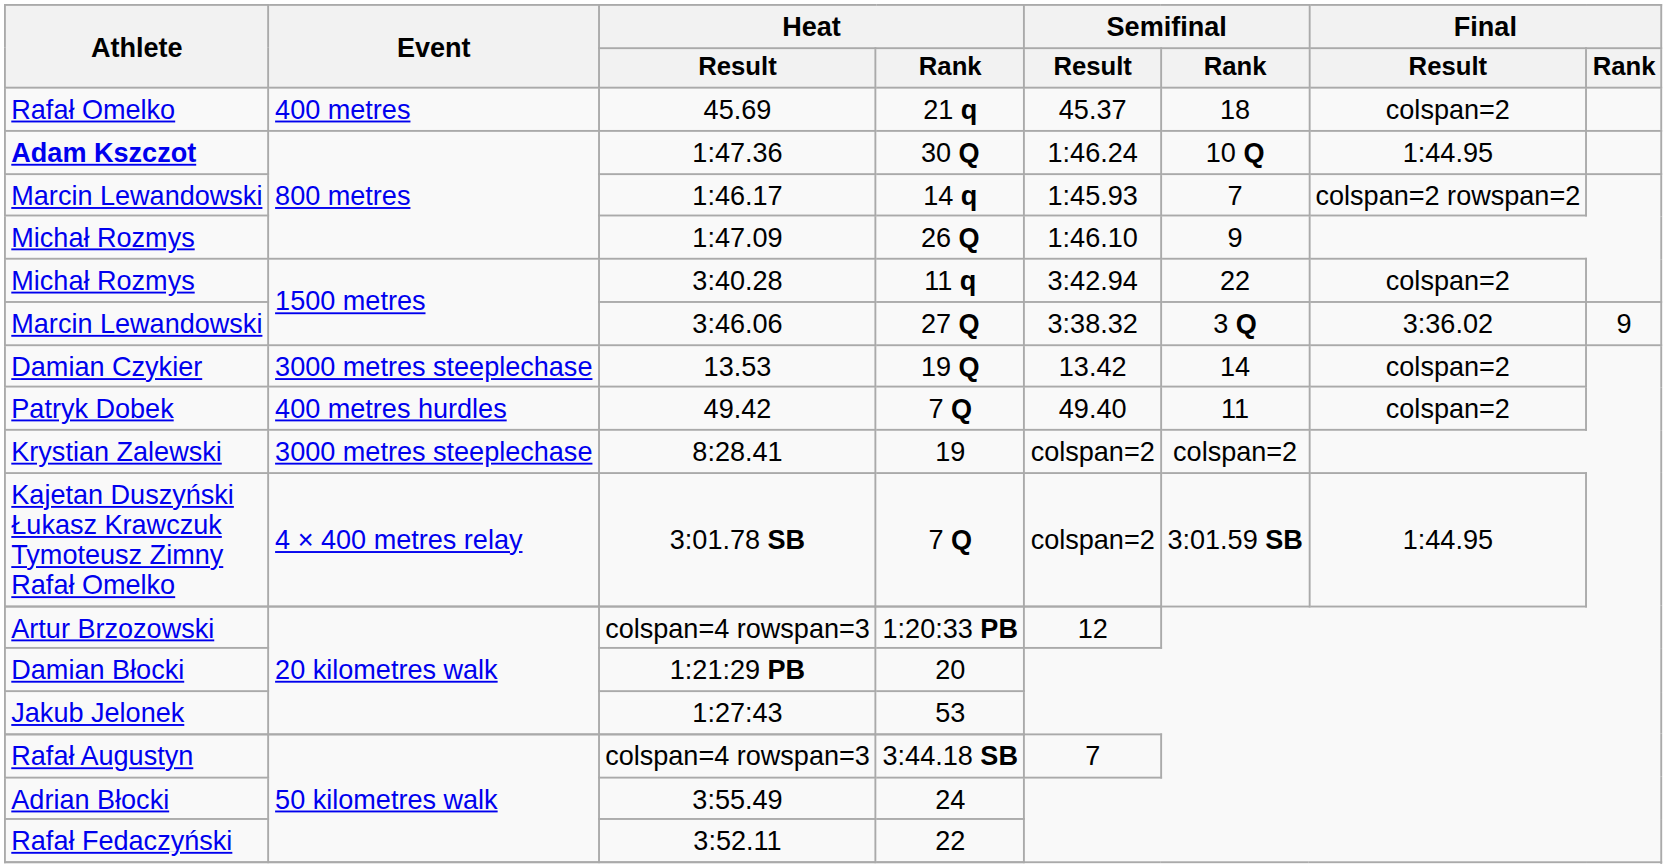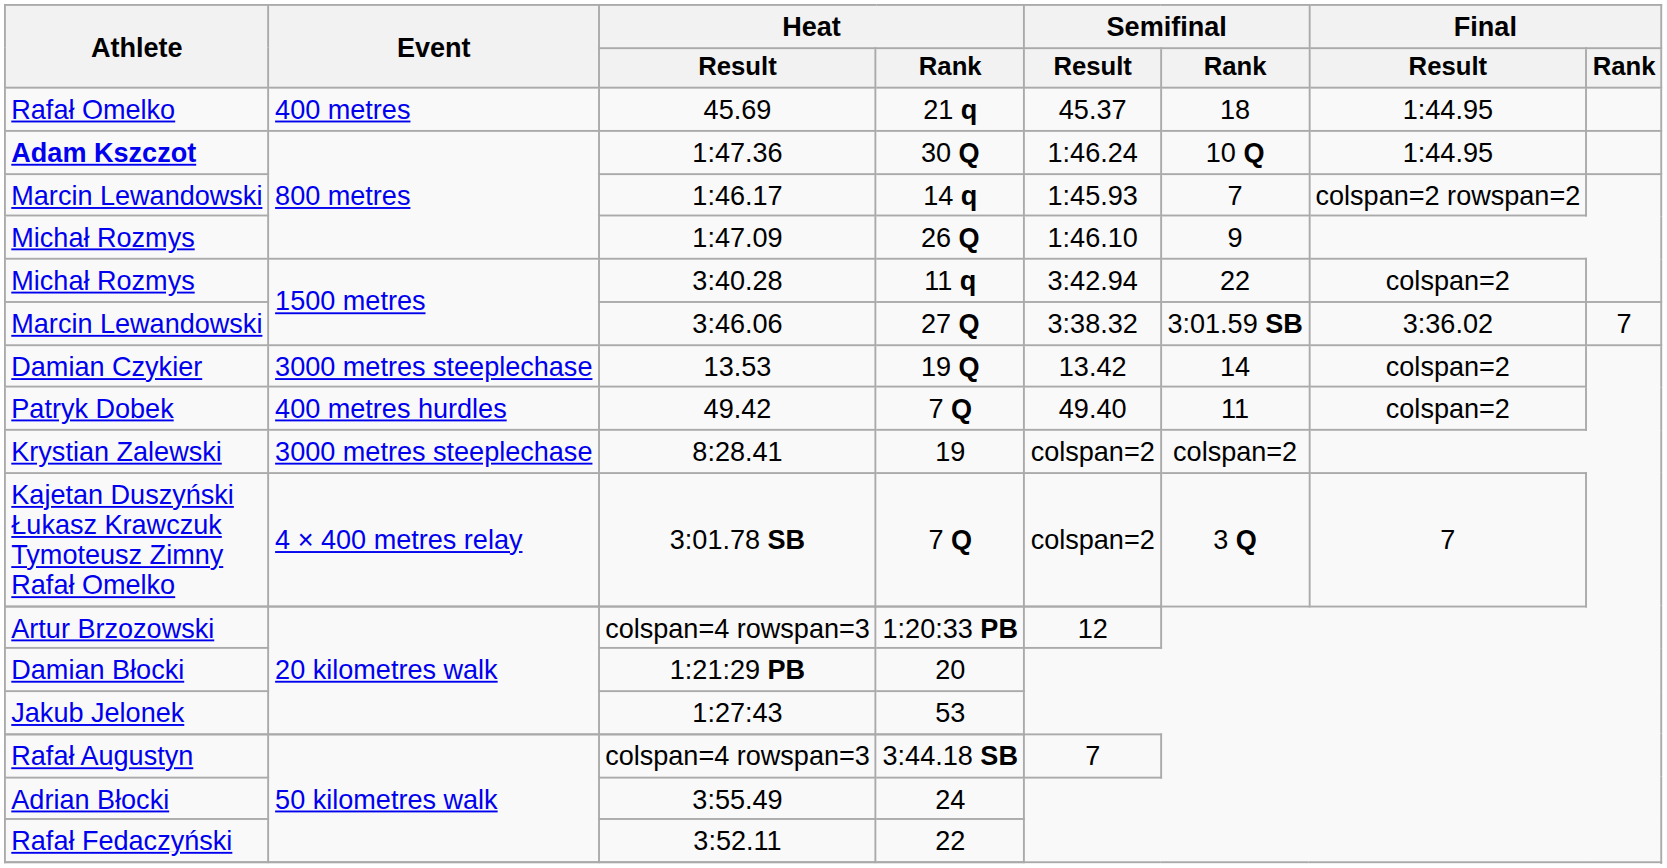 <table class="wikitable" style="font-size:90%">
 <tr>
 <th rowspan="2">Athlete</th>
 <th rowspan="2">Event</th>
 <th colspan="2">Heat</th>
 <th colspan="2">Semifinal</th>
 <th colspan="2">Final</th>
 </tr>
 <tr style="font-size:95%">
 <th>Result</th>
 <th>Rank</th>
 <th>Result</th>
 <th>Rank</th>
 <th>Result</th>
 <th>Rank</th>
 </tr>
 <tr style=text-align:center>
 <td style=text-align:left><a href='#'>Rafał Omelko</a></td>
 <td style=text-align:left><a href='#'>400 metres</a></td>
 <td>45.69</td>
 <td>21 <strong>q</strong></td>
 <td>45.37</td>
 <td>18</td>
-<td>colspan=2 </td>
+<td>1:44.95</td>
 </tr>
 <tr style=text-align:center>
 <td style=text-align:left><strong><a href='#'>Adam Kszczot</a></strong></td>
 <td style=text-align:left rowspan=3><a href='#'>800 metres</a></td>
 <td>1:47.36</td>
 <td>30 <strong>Q</strong></td>
 <td>1:46.24</td>
 <td>10 <strong>Q</strong></td>
 <td>1:44.95</td>
 <td></td>
 </tr>
 <tr style=text-align:center>
 <td style=text-align:left><a href='#'>Marcin Lewandowski</a></td>
 <td>1:46.17</td>
 <td>14 <strong>q</strong></td>
 <td>1:45.93</td>
 <td>7</td>
 <td>colspan=2 rowspan=2 </td>
 </tr>
 <tr style=text-align:center>
 <td style=text-align:left><a href='#'>Michał Rozmys</a></td>
 <td>1:47.09</td>
 <td>26 <strong>Q</strong></td>
 <td>1:46.10</td>
 <td>9</td>
 </tr>
 <tr style=text-align:center>
 <td style=text-align:left><a href='#'>Michał Rozmys</a></td>
 <td style=text-align:left rowspan=2><a href='#'>1500 metres</a></td>
 <td>3:40.28</td>
 <td>11 <strong>q</strong></td>
 <td>3:42.94</td>
 <td>22</td>
 <td>colspan=2 </td>
 </tr>
 <tr style=text-align:center>
 <td style=text-align:left><a href='#'>Marcin Lewandowski</a></td>
 <td>3:46.06</td>
 <td>27 <strong>Q</strong></td>
 <td>3:38.32</td>
-<td>3 <strong>Q</strong></td>
+<td>3:01.59 <strong>SB</strong></td>
 <td>3:36.02</td>
-<td>9</td>
+<td>7</td>
 </tr>
 <tr style=text-align:center>
 <td style=text-align:left><a href='#'>Damian Czykier</a></td>
 <td style=text-align:left><a href='#'>3000 metres steeplechase</a></td>
 <td>13.53</td>
 <td>19 <strong>Q</strong></td>
 <td>13.42</td>
 <td>14</td>
 <td>colspan=2 </td>
 </tr>
 <tr style=text-align:center>
 <td style=text-align:left><a href='#'>Patryk Dobek</a></td>
 <td style=text-align:left><a href='#'>400 metres hurdles</a></td>
 <td>49.42</td>
 <td>7 <strong>Q</strong></td>
 <td>49.40</td>
 <td>11</td>
 <td>colspan=2 </td>
 </tr>
 <tr style=text-align:center>
 <td style=text-align:left><a href='#'>Krystian Zalewski</a></td>
 <td style=text-align:left><a href='#'>3000 metres steeplechase</a></td>
 <td>8:28.41</td>
 <td>19</td>
 <td>colspan=2 </td>
 <td>colspan=2 </td>
 </tr>
 <tr style=text-align:center>
 <td style=text-align:left><a href='#'>Kajetan Duszyński</a><br><a href='#'>Łukasz Krawczuk</a><br><a href='#'>Tymoteusz Zimny</a><br><a href='#'>Rafał Omelko</a></td>
 <td style=text-align:left><a href='#'>4 × 400 metres relay</a></td>
 <td>3:01.78 <strong>SB</strong></td>
 <td>7 <strong>Q</strong></td>
 <td>colspan=2 </td>
-<td>3:01.59 <strong>SB</strong></td>
-<td>1:44.95</td>
+<td>3 <strong>Q</strong></td>
+<td>7</td>
 </tr>
 <tr>
 </tr>
 <tr style=text-align:center>
 <td style=text-align:left><a href='#'>Artur Brzozowski</a></td>
 <td style=text-align:left rowspan=3><a href='#'>20 kilometres walk</a></td>
 <td>colspan=4 rowspan=3 </td>
 <td>1:20:33 <strong>PB</strong></td>
 <td>12</td>
 </tr>
 <tr style=text-align:center>
 <td style=text-align:left><a href='#'>Damian Błocki</a></td>
 <td>1:21:29 <strong>PB</strong></td>
 <td>20</td>
 </tr>
 <tr style=text-align:center>
 <td style=text-align:left><a href='#'>Jakub Jelonek</a></td>
 <td>1:27:43</td>
 <td>53</td>
 </tr>
 <tr>
 </tr>
 <tr style=text-align:center>
 <td style=text-align:left><a href='#'>Rafał Augustyn</a></td>
 <td style=text-align:left rowspan=3><a href='#'>50 kilometres walk</a></td>
 <td>colspan=4 rowspan=3 </td>
 <td>3:44.18 <strong>SB</strong></td>
 <td>7</td>
 </tr>
 <tr style=text-align:center>
 <td style=text-align:left><a href='#'>Adrian Błocki</a></td>
 <td>3:55.49</td>
 <td>24</td>
 </tr>
 <tr style=text-align:center>
 <td style=text-align:left><a href='#'>Rafał Fedaczyński</a></td>
 <td>3:52.11</td>
 <td>22</td>
 </tr>
 <tr>
 </tr>
 </table>
